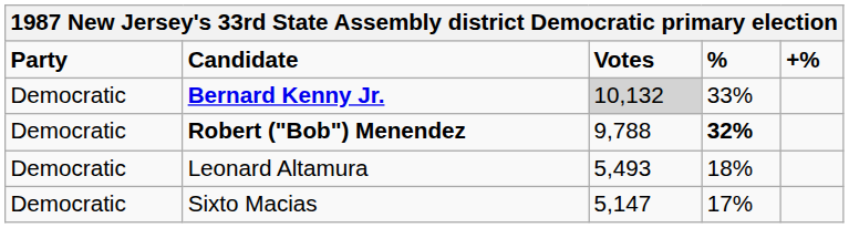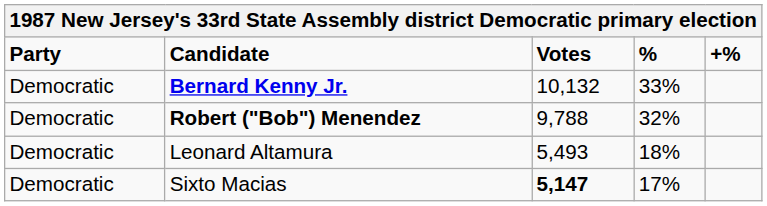 <table class="wikitable">
 <tr>
 <th colspan="5">1987 New Jersey's 33rd State Assembly district Democratic primary election</th>
 </tr>
 <tr>
 <td><strong>Party</strong></td>
 <td><strong>Candidate</strong></td>
 <td><strong>Votes</strong></td>
 <td><strong>%</strong></td>
 <td><strong>+%</strong></td>
 </tr>
 <tr>
 <td>Democratic</td>
 <td><strong><a href='#'>Bernard Kenny Jr.</a></strong></td>
-<td style="background: lightgrey;">10,132</td>
+<td>10,132</td>
 <td>33%</td>
 <td></td>
 </tr>
 <tr>
 <td>Democratic</td>
 <td><strong>Robert ("Bob") Menendez</strong></td>
 <td>9,788</td>
-<td><strong>32%</strong></td>
+<td>32%</td>
 <td></td>
 </tr>
 <tr>
 <td>Democratic</td>
 <td>Leonard Altamura</td>
 <td>5,493</td>
 <td>18%</td>
 <td></td>
 </tr>
 <tr>
 <td>Democratic</td>
 <td>Sixto Macias</td>
-<td>5,147</td>
+<td><strong>5,147</strong></td>
 <td>17%</td>
 <td></td>
 </tr>
 </table>
